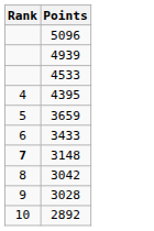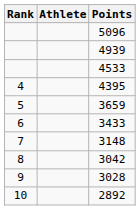 <table class="wikitable" style="display:inline-table; text-align:center;">
 <tr>
 <th>Rank</th>
+<th>Athlete</th>
 <th>Points</th>
 </tr>
 <tr>
 <td></td>
+<td align="left"></td>
 <td>5096</td>
 </tr>
 <tr>
 <td></td>
+<td align="left"></td>
 <td>4939</td>
 </tr>
 <tr>
 <td></td>
+<td align="left"></td>
 <td>4533</td>
 </tr>
 <tr>
 <td>4</td>
+<td align="left"></td>
 <td>4395</td>
 </tr>
 <tr>
 <td>5</td>
+<td align="left"></td>
 <td>3659</td>
 </tr>
 <tr>
 <td>6</td>
+<td align="left"></td>
 <td>3433</td>
 </tr>
 <tr>
-<td><strong>7</strong></td>
+<td>7</td>
+<td align="left"></td>
 <td>3148</td>
 </tr>
 <tr>
 <td>8</td>
+<td align="left"></td>
 <td>3042</td>
 </tr>
 <tr>
 <td>9</td>
+<td align="left"></td>
 <td>3028</td>
 </tr>
 <tr>
 <td>10</td>
+<td align="left"></td>
 <td>2892</td>
 </tr>
 </table>
